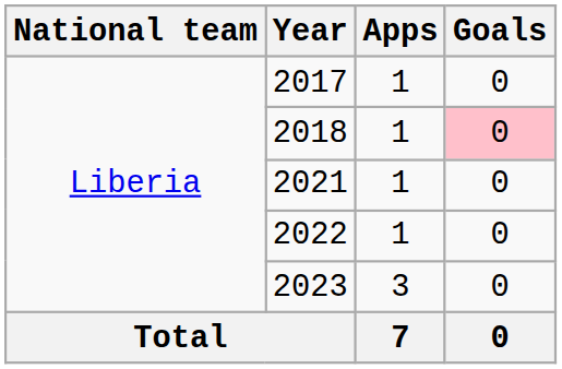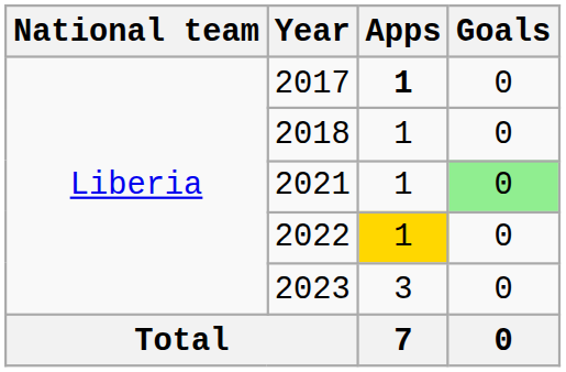 <table class="wikitable" style="text-align:center">
 <tr>
 <th>National team</th>
 <th>Year</th>
 <th>Apps</th>
 <th>Goals</th>
 </tr>
 <tr>
 <td rowspan="5"><a href='#'>Liberia</a></td>
 <td>2017</td>
-<td>1</td>
+<td><strong>1</strong></td>
 <td>0</td>
 </tr>
 <tr>
 <td>2018</td>
 <td>1</td>
-<td style="background: pink;">0</td>
+<td>0</td>
 </tr>
 <tr>
 <td>2021</td>
 <td>1</td>
-<td>0</td>
+<td style="background: lightgreen;">0</td>
 </tr>
 <tr>
 <td>2022</td>
-<td>1</td>
+<td style="background: gold;">1</td>
 <td>0</td>
 </tr>
 <tr>
 <td>2023</td>
 <td>3</td>
 <td>0</td>
 </tr>
 <tr>
 <th colspan="2">Total</th>
 <th>7</th>
 <th>0</th>
 </tr>
 </table>
